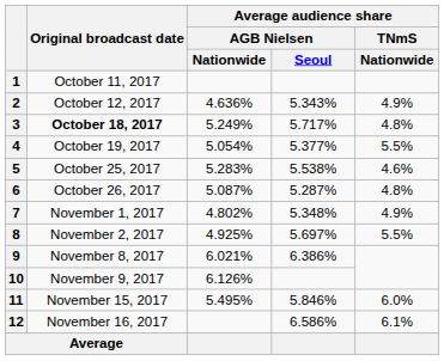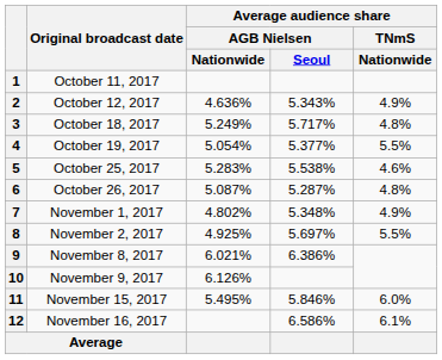 <table class="wikitable" style="text-align:center">
 <tr>
 <th rowspan="3"></th>
 <th rowspan="3">Original broadcast date</th>
 <th colspan="3">Average audience share</th>
 </tr>
 <tr>
 <th colspan="2">AGB Nielsen</th>
 <th>TNmS</th>
 </tr>
 <tr>
 <th width="90">Nationwide</th>
 <th width="90"><a href='#'>Seoul</a></th>
 <th width="90">Nationwide</th>
 </tr>
 <tr>
 <th>1</th>
 <td>October 11, 2017</td>
 <td></td>
 <td></td>
 <td></td>
 </tr>
 <tr>
 <th>2</th>
 <td>October 12, 2017</td>
 <td>4.636%</td>
 <td>5.343%</td>
 <td>4.9%</td>
 </tr>
 <tr>
 <th>3</th>
-<td><strong>October 18, 2017</strong></td>
+<td>October 18, 2017</td>
 <td>5.249%</td>
 <td>5.717%</td>
 <td>4.8%</td>
 </tr>
 <tr>
 <th>4</th>
 <td>October 19, 2017</td>
 <td>5.054%</td>
 <td>5.377%</td>
 <td>5.5%</td>
 </tr>
 <tr>
 <th>5</th>
 <td>October 25, 2017</td>
 <td>5.283%</td>
 <td>5.538%</td>
 <td>4.6%</td>
 </tr>
 <tr>
 <th>6</th>
 <td>October 26, 2017</td>
 <td>5.087%</td>
 <td>5.287%</td>
 <td>4.8%</td>
 </tr>
 <tr>
 <th>7</th>
 <td>November 1, 2017</td>
 <td>4.802%</td>
 <td>5.348%</td>
 <td>4.9%</td>
 </tr>
 <tr>
 <th>8</th>
 <td>November 2, 2017</td>
 <td>4.925%</td>
 <td>5.697%</td>
 <td>5.5%</td>
 </tr>
 <tr>
 <th>9</th>
 <td>November 8, 2017</td>
 <td>6.021%</td>
 <td>6.386%</td>
 <td rowspan="2"></td>
 </tr>
 <tr>
 <th>10</th>
 <td>November 9, 2017</td>
 <td>6.126%</td>
 <td></td>
 </tr>
 <tr>
 <th>11</th>
 <td>November 15, 2017</td>
 <td>5.495%</td>
 <td>5.846%</td>
 <td>6.0%</td>
 </tr>
 <tr>
 <th>12</th>
 <td>November 16, 2017</td>
 <td></td>
 <td>6.586%</td>
 <td>6.1%</td>
 </tr>
 <tr>
 <th colspan="2">Average</th>
 <th></th>
 <th></th>
 <th></th>
 </tr>
 </table>
